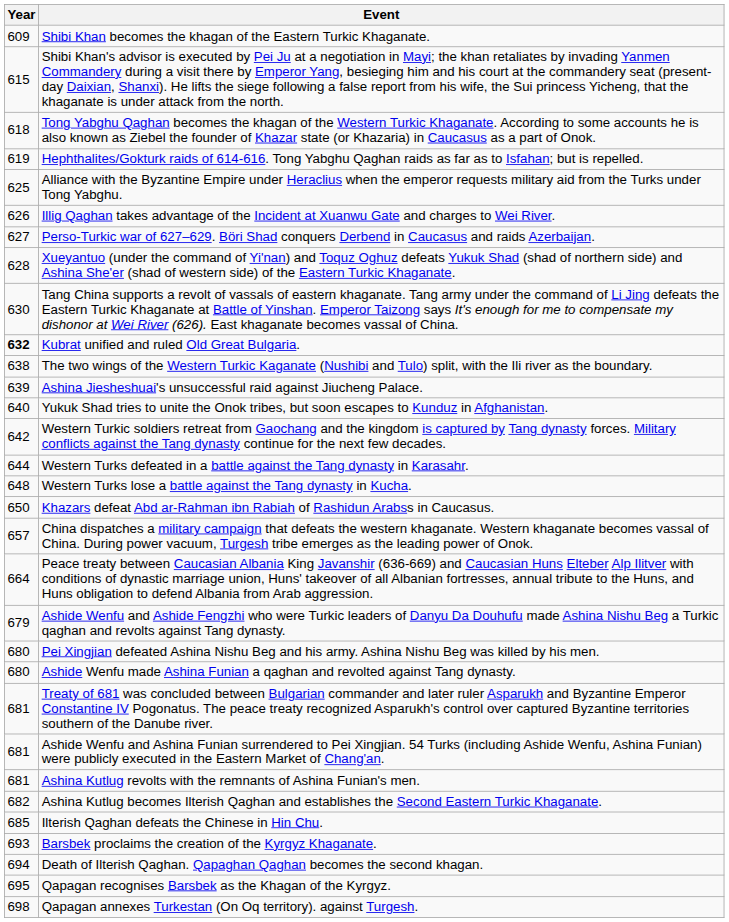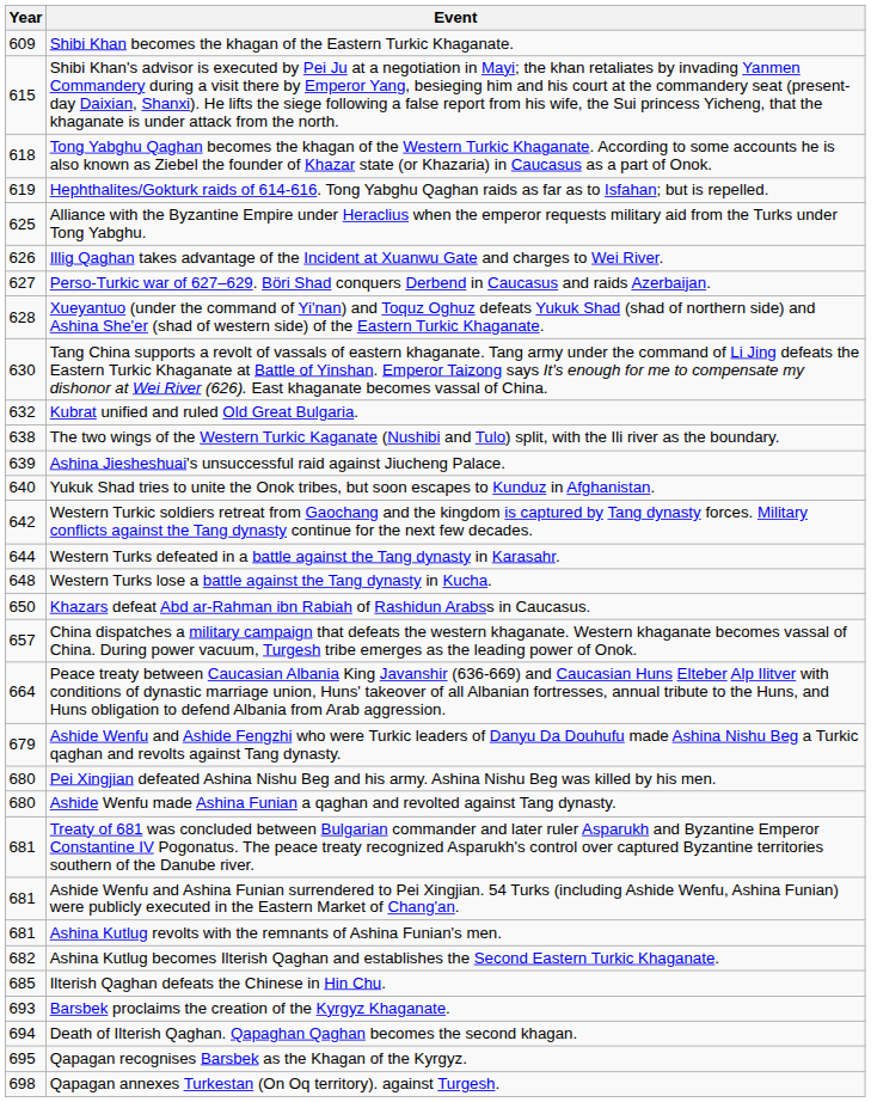 <table class="sortable wikitable">
 <tr>
 <th>Year</th>
 <th>Event</th>
 </tr>
 <tr>
 <td>609</td>
 <td><a href='#'>Shibi Khan</a> becomes the khagan of the Eastern Turkic Khaganate.</td>
 </tr>
 <tr>
 <td>615</td>
 <td>Shibi Khan's advisor is executed by <a href='#'>Pei Ju</a> at a negotiation in <a href='#'>Mayi</a>; the khan retaliates by invading <a href='#'>Yanmen Commandery</a> during a visit there by <a href='#'>Emperor Yang</a>, besieging him and his court at the commandery seat (present-day <a href='#'>Daixian</a>, <a href='#'>Shanxi</a>). He lifts the siege following a false report from his wife, the Sui princess Yicheng, that the khaganate is under attack from the north.</td>
 </tr>
 <tr>
 <td>618</td>
 <td><a href='#'>Tong Yabghu Qaghan</a> becomes the khagan of the <a href='#'>Western Turkic Khaganate</a>. According to some accounts he is also known as Ziebel the founder of <a href='#'>Khazar</a> state (or Khazaria) in <a href='#'>Caucasus</a> as a part of Onok.</td>
 </tr>
 <tr>
 <td>619</td>
 <td><a href='#'>Hephthalites/Gokturk raids of 614-616</a>. Tong Yabghu Qaghan raids as far as to <a href='#'>Isfahan</a>; but is repelled.</td>
 </tr>
 <tr>
 <td>625</td>
 <td>Alliance with the Byzantine Empire under <a href='#'>Heraclius</a> when the emperor requests military aid from the Turks under Tong Yabghu.</td>
 </tr>
 <tr>
 <td>626</td>
 <td><a href='#'>Illig Qaghan</a> takes advantage of the <a href='#'>Incident at Xuanwu Gate</a> and charges to <a href='#'>Wei River</a>.</td>
 </tr>
 <tr>
 <td>627</td>
 <td><a href='#'>Perso-Turkic war of 627–629</a>. <a href='#'>Böri Shad</a> conquers <a href='#'>Derbend</a> in <a href='#'>Caucasus</a> and raids <a href='#'>Azerbaijan</a>.</td>
 </tr>
 <tr>
 <td>628</td>
 <td><a href='#'>Xueyantuo</a> (under the command of <a href='#'>Yi'nan</a>) and <a href='#'>Toquz Oghuz</a> defeats <a href='#'>Yukuk Shad</a> (shad of northern side) and <a href='#'>Ashina She'er</a> (shad of western side) of the <a href='#'>Eastern Turkic Khaganate</a>.</td>
 </tr>
 <tr>
 <td>630</td>
 <td>Tang China supports a revolt of vassals of eastern khaganate. Tang army under the command of <a href='#'>Li Jing</a> defeats the Eastern Turkic Khaganate at <a href='#'>Battle of Yinshan</a>. <a href='#'>Emperor Taizong</a> says <em>It's enough for me to compensate my dishonor at <a href='#'>Wei River</a> (626).</em> East khaganate becomes vassal of China.</td>
 </tr>
 <tr>
-<td><strong>632</strong></td>
+<td>632</td>
 <td><a href='#'>Kubrat</a> unified and ruled <a href='#'>Old Great Bulgaria</a>.</td>
 </tr>
 <tr>
 <td>638</td>
 <td>The two wings of the <a href='#'>Western Turkic Kaganate</a> (<a href='#'>Nushibi</a> and <a href='#'>Tulo</a>) split, with the Ili river as the boundary.</td>
 </tr>
 <tr>
 <td>639</td>
 <td><a href='#'>Ashina Jiesheshuai</a>'s unsuccessful raid against Jiucheng Palace.</td>
 </tr>
 <tr>
 <td>640</td>
 <td>Yukuk Shad tries to unite the Onok tribes, but soon escapes to <a href='#'>Kunduz</a> in <a href='#'>Afghanistan</a>.</td>
 </tr>
 <tr>
 <td>642</td>
 <td>Western Turkic soldiers retreat from <a href='#'>Gaochang</a> and the kingdom <a href='#'>is captured by</a> <a href='#'>Tang dynasty</a> forces. <a href='#'>Military conflicts against the Tang dynasty</a> continue for the next few decades.</td>
 </tr>
 <tr>
 <td>644</td>
 <td>Western Turks defeated in a <a href='#'>battle against the Tang dynasty</a> in <a href='#'>Karasahr</a>.</td>
 </tr>
 <tr>
 <td>648</td>
 <td>Western Turks lose a <a href='#'>battle against the Tang dynasty</a> in <a href='#'>Kucha</a>.</td>
 </tr>
 <tr>
 <td>650</td>
 <td><a href='#'>Khazars</a> defeat <a href='#'>Abd ar-Rahman ibn Rabiah</a> of <a href='#'>Rashidun Arabs</a>s in Caucasus.</td>
 </tr>
 <tr>
 <td>657</td>
 <td>China dispatches a <a href='#'>military campaign</a> that defeats the western khaganate. Western khaganate becomes vassal of China. During power vacuum, <a href='#'>Turgesh</a> tribe emerges as the leading power of Onok.</td>
 </tr>
 <tr>
 <td>664</td>
 <td>Peace treaty between <a href='#'>Caucasian Albania</a> King <a href='#'>Javanshir</a> (636-669) and <a href='#'>Caucasian Huns</a> <a href='#'>Elteber</a> <a href='#'>Alp Ilitver</a> with conditions of dynastic marriage union, Huns' takeover of all Albanian fortresses, annual tribute to the Huns, and Huns obligation to defend Albania from Arab aggression.</td>
 </tr>
 <tr>
 <td>679</td>
 <td><a href='#'>Ashide Wenfu</a> and <a href='#'>Ashide Fengzhi</a> who were Turkic leaders of <a href='#'>Danyu Da Douhufu</a> made <a href='#'>Ashina Nishu Beg</a> a Turkic qaghan and revolts against Tang dynasty.</td>
 </tr>
 <tr>
 <td>680</td>
 <td><a href='#'>Pei Xingjian</a> defeated Ashina Nishu Beg and his army. Ashina Nishu Beg was killed by his men.</td>
 </tr>
 <tr>
 <td>680</td>
 <td><a href='#'>Ashide</a> Wenfu made <a href='#'>Ashina Funian</a> a qaghan and revolted against Tang dynasty.</td>
 </tr>
 <tr>
 <td>681</td>
 <td><a href='#'>Treaty of 681</a> was concluded between <a href='#'>Bulgarian</a> commander and later ruler <a href='#'>Asparukh</a> and Byzantine Emperor <a href='#'>Constantine IV</a> Pogonatus. The peace treaty recognized Asparukh's control over captured Byzantine territories southern of the Danube river.</td>
 </tr>
 <tr>
 <td>681</td>
 <td>Ashide Wenfu and Ashina Funian surrendered to Pei Xingjian. 54 Turks (including Ashide Wenfu, Ashina Funian) were publicly executed in the Eastern Market of <a href='#'>Chang'an</a>.</td>
 </tr>
 <tr>
 <td>681</td>
 <td><a href='#'>Ashina Kutlug</a> revolts with the remnants of Ashina Funian's men.</td>
 </tr>
 <tr>
 <td>682</td>
 <td>Ashina Kutlug becomes Ilterish Qaghan and establishes the <a href='#'>Second Eastern Turkic Khaganate</a>.</td>
 </tr>
 <tr>
 <td>685</td>
 <td>Ilterish Qaghan defeats the Chinese in <a href='#'>Hin Chu</a>.</td>
 </tr>
 <tr>
 <td>693</td>
 <td><a href='#'>Barsbek</a> proclaims the creation of the <a href='#'>Kyrgyz Khaganate</a>.</td>
 </tr>
 <tr>
 <td>694</td>
 <td>Death of Ilterish Qaghan. <a href='#'>Qapaghan Qaghan</a> becomes the second khagan.</td>
 </tr>
 <tr>
 <td>695</td>
 <td>Qapagan recognises <a href='#'>Barsbek</a> as the Khagan of the Kyrgyz.</td>
 </tr>
 <tr>
 <td>698</td>
 <td>Qapagan annexes <a href='#'>Turkestan</a> (On Oq territory). against <a href='#'>Turgesh</a>.</td>
 </tr>
 </table>
